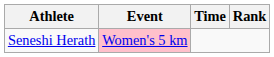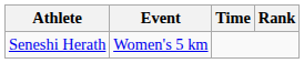 <table class="wikitable" style="text-align:center; font-size:90%">
 <tr>
 <th>Athlete</th>
 <th>Event</th>
 <th>Time</th>
 <th>Rank</th>
 </tr>
 <tr>
 <td align=left><a href='#'>Seneshi Herath</a></td>
-<td align=left style="background: pink;"><a href='#'>Women's 5 km</a></td>
+<td align=left><a href='#'>Women's 5 km</a></td>
 <td colspan=2></td>
 </tr>
 </table>
